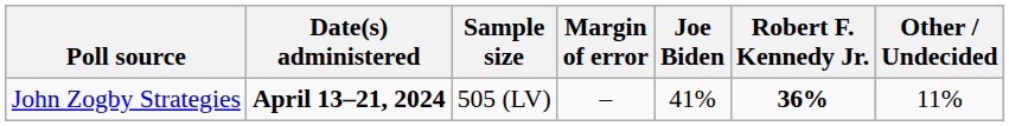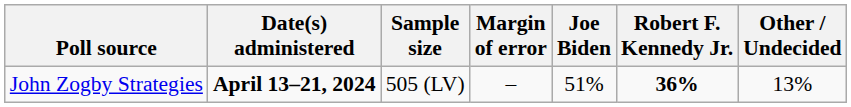 <table class="wikitable sortable mw-datatable" style="font-size:90%;text-align:center;line-height:17px">
 <tr valign=bottom>
 <th>Poll source</th>
 <th>Date(s)<br>administered</th>
 <th>Sample<br>size</th>
 <th>Margin<br>of error</th>
 <th class="unsortable">Joe<br>Biden<br></th>
 <th class="unsortable">Robert F.<br>Kennedy Jr.<br></th>
 <th class="unsortable">Other /<br>Undecided</th>
 </tr>
 <tr>
 <td style="text-align:left;"><a href='#'>John Zogby Strategies</a></td>
 <td data-sort-value="2024-05-01"><strong>April 13–21, 2024</strong></td>
 <td>505 (LV)</td>
 <td>–</td>
-<td>41%</td>
+<td>51%</td>
 <td style="background-color:"><strong>36%</strong></td>
-<td>11%</td>
+<td>13%</td>
 </tr>
 </table>
